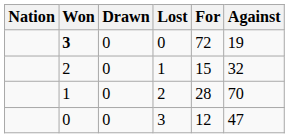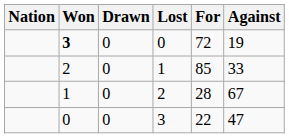 <table class="wikitable">
 <tr>
 <th>Nation</th>
 <th>Won</th>
 <th>Drawn</th>
 <th>Lost</th>
 <th>For</th>
 <th>Against</th>
 </tr>
 <tr>
 <td></td>
 <td><strong>3</strong></td>
 <td>0</td>
 <td>0</td>
 <td>72</td>
 <td>19</td>
 </tr>
 <tr>
 <td></td>
 <td>2</td>
 <td>0</td>
 <td>1</td>
-<td>15</td>
-<td>32</td>
+<td>85</td>
+<td>33</td>
 </tr>
 <tr>
 <td></td>
 <td>1</td>
 <td>0</td>
 <td>2</td>
 <td>28</td>
-<td>70</td>
+<td>67</td>
 </tr>
 <tr>
 <td></td>
 <td>0</td>
 <td>0</td>
 <td>3</td>
-<td>12</td>
+<td>22</td>
 <td>47</td>
 </tr>
 </table>
